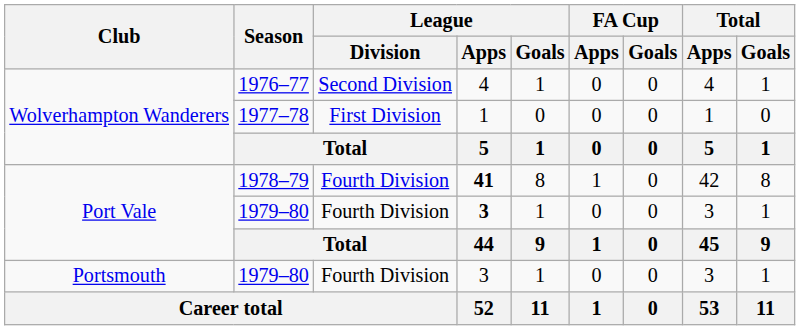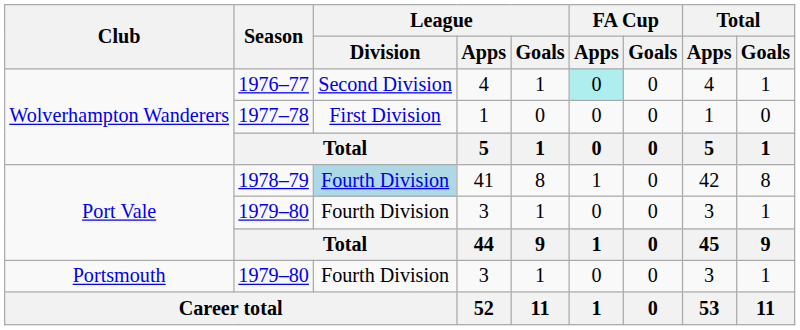 <table class="wikitable" style="text-align: center;">
 <tr>
 <th rowspan="2">Club</th>
 <th rowspan="2">Season</th>
 <th colspan="3">League</th>
 <th colspan="2">FA Cup</th>
 <th colspan="2">Total</th>
 </tr>
 <tr>
 <th>Division</th>
 <th>Apps</th>
 <th>Goals</th>
 <th>Apps</th>
 <th>Goals</th>
 <th>Apps</th>
 <th>Goals</th>
 </tr>
 <tr>
 <td rowspan="3"><a href='#'>Wolverhampton Wanderers</a></td>
 <td><a href='#'>1976–77</a></td>
 <td><a href='#'>Second Division</a></td>
 <td>4</td>
 <td>1</td>
-<td>0</td>
+<td style="background: paleturquoise;">0</td>
 <td>0</td>
 <td>4</td>
 <td>1</td>
 </tr>
 <tr>
 <td><a href='#'>1977–78</a></td>
 <td><a href='#'>First Division</a></td>
 <td>1</td>
 <td>0</td>
 <td>0</td>
 <td>0</td>
 <td>1</td>
 <td>0</td>
 </tr>
 <tr>
 <th colspan="2">Total</th>
 <th>5</th>
 <th>1</th>
 <th>0</th>
 <th>0</th>
 <th>5</th>
 <th>1</th>
 </tr>
 <tr>
 <td rowspan="3"><a href='#'>Port Vale</a></td>
 <td><a href='#'>1978–79</a></td>
-<td><a href='#'>Fourth Division</a></td>
-<td><strong>41</strong></td>
+<td style="background: lightblue;"><a href='#'>Fourth Division</a></td>
+<td>41</td>
 <td>8</td>
 <td>1</td>
 <td>0</td>
 <td>42</td>
 <td>8</td>
 </tr>
 <tr>
 <td><a href='#'>1979–80</a></td>
 <td>Fourth Division</td>
-<td><strong>3</strong></td>
+<td>3</td>
 <td>1</td>
 <td>0</td>
 <td>0</td>
 <td>3</td>
 <td>1</td>
 </tr>
 <tr>
 <th colspan="2">Total</th>
 <th>44</th>
 <th>9</th>
 <th>1</th>
 <th>0</th>
 <th>45</th>
 <th>9</th>
 </tr>
 <tr>
 <td><a href='#'>Portsmouth</a></td>
 <td><a href='#'>1979–80</a></td>
 <td>Fourth Division</td>
 <td>3</td>
 <td>1</td>
 <td>0</td>
 <td>0</td>
 <td>3</td>
 <td>1</td>
 </tr>
 <tr>
 <th colspan="3">Career total</th>
 <th>52</th>
 <th>11</th>
 <th>1</th>
 <th>0</th>
 <th>53</th>
 <th>11</th>
 </tr>
 </table>
